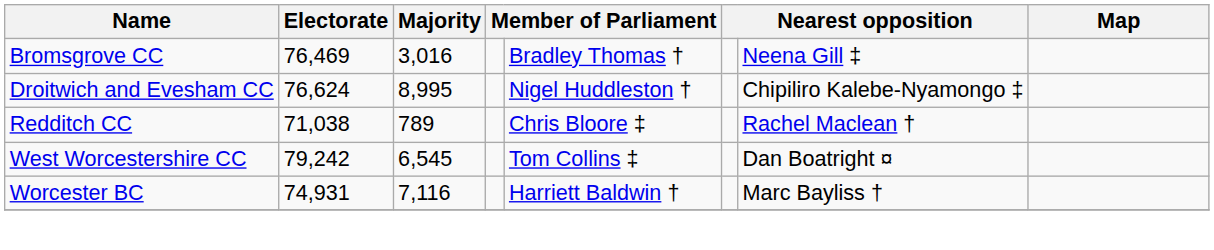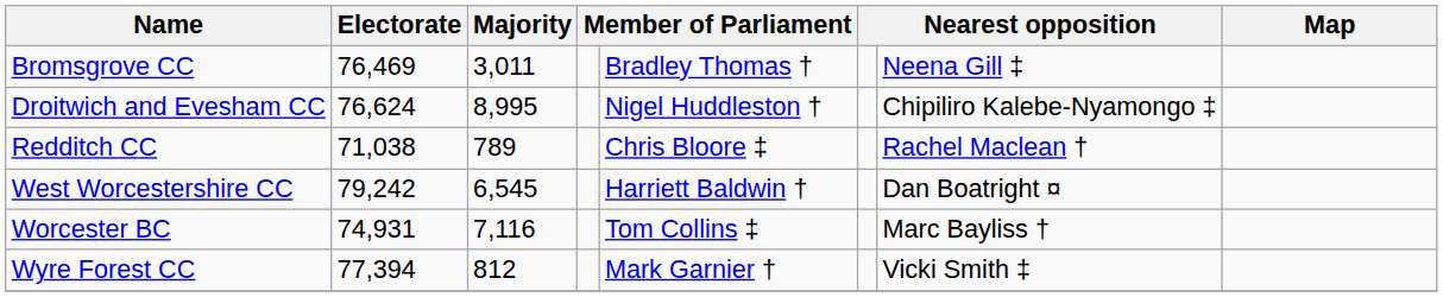 <table class="wikitable sortable">
 <tr>
 <th rowspan=1>Name</th>
 <th rowspan=1>Electorate</th>
 <th rowspan=1>Majority</th>
 <th colspan=2 class=unsortable>Member of Parliament</th>
 <th colspan=2 class=unsortable>Nearest opposition</th>
 <th rowspan=1 class="unsortable" style="width:15%;">Map</th>
 </tr>
 <tr>
 <td><a href='#'>Bromsgrove CC</a></td>
 <td>76,469</td>
-<td>3,016</td>
+<td>3,011</td>
 <td style="color:inherit;background:"> </td>
 <td><a href='#'>Bradley Thomas</a> †</td>
 <td style="color:inherit;background:"> </td>
 <td><a href='#'>Neena Gill</a> ‡</td>
 <td></td>
 </tr>
 <tr>
 <td><a href='#'>Droitwich and Evesham CC</a></td>
 <td>76,624</td>
 <td>8,995</td>
 <td style="color:inherit;background:"></td>
 <td><a href='#'>Nigel Huddleston</a> †</td>
 <td style="color:inherit;background:"></td>
 <td>Chipiliro Kalebe-Nyamongo ‡</td>
 <td></td>
 </tr>
 <tr>
 <td><a href='#'>Redditch CC</a></td>
 <td>71,038</td>
 <td>789</td>
 <td style="color:inherit;background:"></td>
 <td><a href='#'>Chris Bloore</a> ‡</td>
 <td style="color:inherit;background:"></td>
 <td><a href='#'>Rachel Maclean</a> †</td>
 <td></td>
 </tr>
 <tr>
 <td><a href='#'>West Worcestershire CC</a></td>
 <td>79,242</td>
 <td>6,545</td>
 <td style="color:inherit;background:"></td>
-<td><a href='#'>Tom Collins</a> ‡</td>
+<td><a href='#'>Harriett Baldwin</a> †</td>
 <td style="color:inherit;background:"></td>
 <td>Dan Boatright ¤</td>
 <td></td>
 </tr>
 <tr>
 <td><a href='#'>Worcester BC</a></td>
 <td>74,931</td>
 <td>7,116</td>
 <td style="color:inherit;background:"></td>
-<td><a href='#'>Harriett Baldwin</a> †</td>
+<td><a href='#'>Tom Collins</a> ‡</td>
 <td style="color:inherit;background:"></td>
 <td>Marc Bayliss †</td>
 <td></td>
 </tr>
 <tr>
+<td><a href='#'>Wyre Forest CC</a></td>
+<td>77,394</td>
+<td>812</td>
+<td style="color:inherit;background:"></td>
+<td><a href='#'>Mark Garnier</a> †</td>
+<td style="color:inherit;background:"></td>
+<td>Vicki Smith ‡</td>
+<td></td>
+</tr>
+<tr>
 </tr>
 </table>
